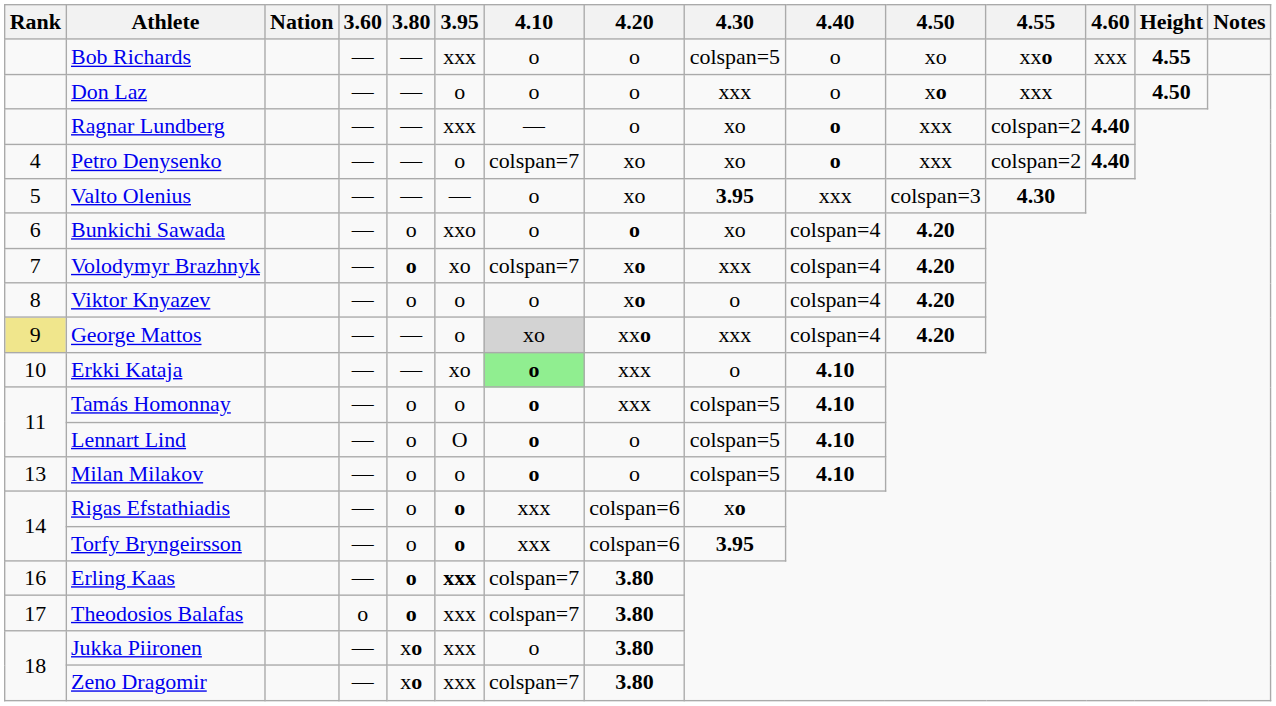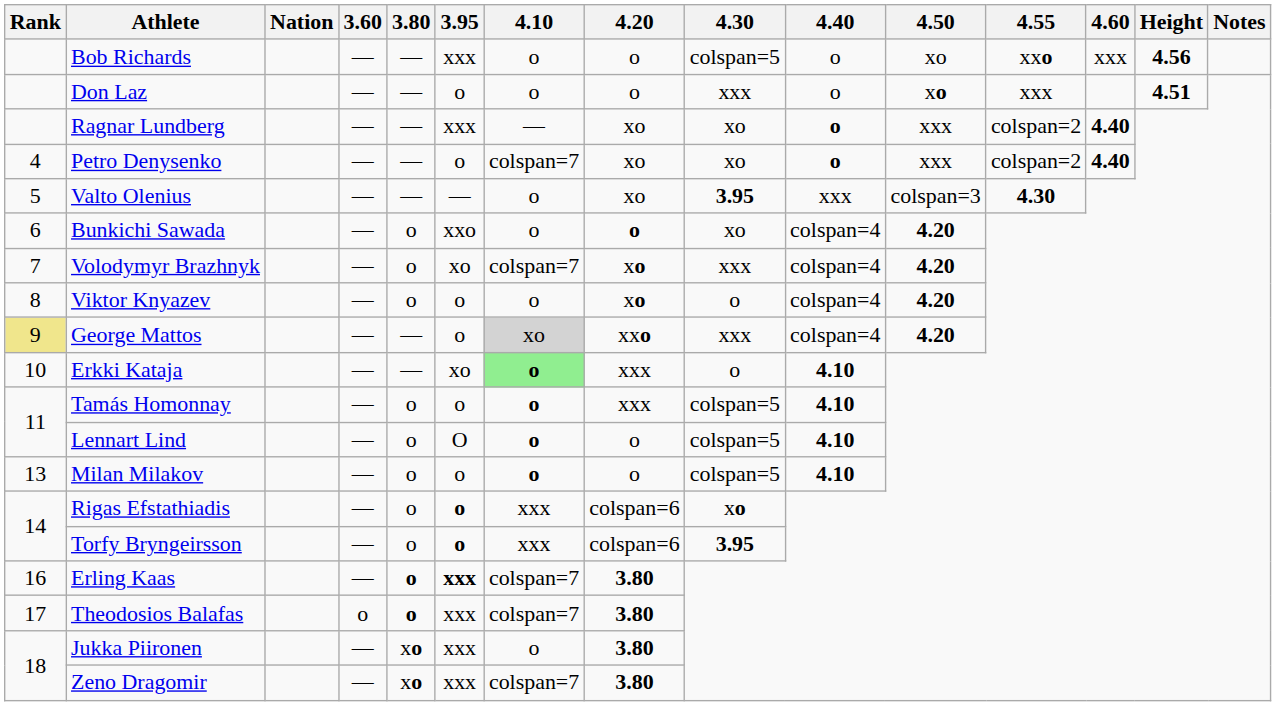 <table class="wikitable sortable" style="text-align:center">
 <tr>
 <th>Rank</th>
 <th>Athlete</th>
 <th>Nation</th>
 <th>3.60</th>
 <th>3.80</th>
 <th>3.95</th>
 <th>4.10</th>
 <th>4.20</th>
 <th>4.30</th>
 <th>4.40</th>
 <th>4.50</th>
 <th>4.55</th>
 <th>4.60</th>
 <th>Height</th>
 <th>Notes</th>
 </tr>
 <tr>
 <td></td>
 <td align="left"><a href='#'>Bob Richards</a></td>
 <td align="left"></td>
 <td>—</td>
 <td>—</td>
 <td>xxx</td>
 <td>o</td>
 <td>o</td>
 <td>colspan=5 </td>
 <td>o</td>
 <td>xo</td>
 <td>xx<strong>o</strong></td>
 <td>xxx</td>
-<td><strong>4.55</strong></td>
+<td><strong>4.56</strong></td>
 <td></td>
 </tr>
 <tr>
 <td></td>
 <td align="left"><a href='#'>Don Laz</a></td>
 <td align="left"></td>
 <td>—</td>
 <td>—</td>
 <td>o</td>
 <td>o</td>
 <td>o</td>
 <td>xxx</td>
 <td>o</td>
 <td>x<strong>o</strong></td>
 <td>xxx</td>
 <td></td>
-<td><strong>4.50</strong></td>
+<td><strong>4.51</strong></td>
 </tr>
 <tr>
 <td></td>
 <td align="left"><a href='#'>Ragnar Lundberg</a></td>
 <td align="left"></td>
 <td>—</td>
 <td>—</td>
 <td>xxx</td>
 <td>—</td>
-<td>o</td>
+<td>xo</td>
 <td>xo</td>
 <td><strong>o</strong></td>
 <td>xxx</td>
 <td>colspan=2 </td>
 <td><strong>4.40</strong></td>
 </tr>
 <tr>
 <td>4</td>
 <td align="left"><a href='#'>Petro Denysenko</a></td>
 <td align="left"></td>
 <td>—</td>
 <td>—</td>
 <td>o</td>
 <td>colspan=7 </td>
 <td>xo</td>
 <td>xo</td>
 <td><strong>o</strong></td>
 <td>xxx</td>
 <td>colspan=2 </td>
 <td><strong>4.40</strong></td>
 </tr>
 <tr>
 <td>5</td>
 <td align="left"><a href='#'>Valto Olenius</a></td>
 <td align="left"></td>
 <td>—</td>
 <td>—</td>
 <td>—</td>
 <td>o</td>
 <td>xo</td>
 <td><strong>3.95</strong></td>
 <td>xxx</td>
 <td>colspan=3 </td>
 <td><strong>4.30</strong></td>
 </tr>
 <tr>
 <td>6</td>
 <td align="left"><a href='#'>Bunkichi Sawada</a></td>
 <td align="left"></td>
 <td>—</td>
 <td>o</td>
 <td>xxo</td>
 <td>o</td>
 <td><strong>o</strong></td>
 <td>xo</td>
 <td>colspan=4 </td>
 <td><strong>4.20</strong></td>
 </tr>
 <tr>
 <td>7</td>
 <td align="left"><a href='#'>Volodymyr Brazhnyk</a></td>
 <td align="left"></td>
 <td>—</td>
-<td><strong>o</strong></td>
+<td>o</td>
 <td>xo</td>
 <td>colspan=7 </td>
 <td>x<strong>o</strong></td>
 <td>xxx</td>
 <td>colspan=4 </td>
 <td><strong>4.20</strong></td>
 </tr>
 <tr>
 <td>8</td>
 <td align="left"><a href='#'>Viktor Knyazev</a></td>
 <td align="left"></td>
 <td>—</td>
 <td>o</td>
 <td>o</td>
 <td>o</td>
 <td>x<strong>o</strong></td>
 <td>o</td>
 <td>colspan=4 </td>
 <td><strong>4.20</strong></td>
 </tr>
 <tr>
 <td style="background: khaki;">9</td>
 <td align="left"><a href='#'>George Mattos</a></td>
 <td align="left"></td>
 <td>—</td>
 <td>—</td>
 <td>o</td>
 <td style="background: lightgrey;">xo</td>
 <td>xx<strong>o</strong></td>
 <td>xxx</td>
 <td>colspan=4 </td>
 <td><strong>4.20</strong></td>
 </tr>
 <tr>
 <td>10</td>
 <td align="left"><a href='#'>Erkki Kataja</a></td>
 <td align="left"></td>
 <td>—</td>
 <td>—</td>
 <td>xo</td>
 <td style="background: lightgreen;"><strong>o</strong></td>
 <td>xxx</td>
 <td>o</td>
 <td><strong>4.10</strong></td>
 </tr>
 <tr>
 <td rowspan=2>11</td>
 <td align="left"><a href='#'>Tamás Homonnay</a></td>
 <td align="left"></td>
 <td>—</td>
 <td>o</td>
 <td>o</td>
 <td><strong>o</strong></td>
 <td>xxx</td>
 <td>colspan=5 </td>
 <td><strong>4.10</strong></td>
 </tr>
 <tr>
 <td align="left"><a href='#'>Lennart Lind</a></td>
 <td align="left"></td>
 <td>—</td>
 <td>o</td>
 <td>O</td>
 <td><strong>o</strong></td>
 <td>o</td>
 <td>colspan=5 </td>
 <td><strong>4.10</strong></td>
 </tr>
 <tr>
 <td>13</td>
 <td align="left"><a href='#'>Milan Milakov</a></td>
 <td align="left"></td>
 <td>—</td>
 <td>o</td>
 <td>o</td>
 <td><strong>o</strong></td>
 <td>o</td>
 <td>colspan=5 </td>
 <td><strong>4.10</strong></td>
 </tr>
 <tr>
 <td rowspan=2>14</td>
 <td align="left"><a href='#'>Rigas Efstathiadis</a></td>
 <td align="left"></td>
 <td>—</td>
 <td>o</td>
 <td><strong>o</strong></td>
 <td>xxx</td>
 <td>colspan=6 </td>
 <td>x<strong>o</strong></td>
 </tr>
 <tr>
 <td align="left"><a href='#'>Torfy Bryngeirsson</a></td>
 <td align="left"></td>
 <td>—</td>
 <td>o</td>
 <td><strong>o</strong></td>
 <td>xxx</td>
 <td>colspan=6 </td>
 <td><strong>3.95</strong></td>
 </tr>
 <tr>
 <td>16</td>
 <td align="left"><a href='#'>Erling Kaas</a></td>
 <td align="left"></td>
 <td>—</td>
 <td><strong>o</strong></td>
 <td><strong>xxx</strong></td>
 <td>colspan=7 </td>
 <td><strong>3.80</strong></td>
 </tr>
 <tr>
 <td>17</td>
 <td align="left"><a href='#'>Theodosios Balafas</a></td>
 <td align="left"></td>
 <td>o</td>
 <td><strong>o</strong></td>
 <td>xxx</td>
 <td>colspan=7 </td>
 <td><strong>3.80</strong></td>
 </tr>
 <tr>
 <td rowspan=2>18</td>
 <td align="left"><a href='#'>Jukka Piironen</a></td>
 <td align="left"></td>
 <td>—</td>
 <td>x<strong>o</strong></td>
 <td>xxx</td>
 <td>o</td>
 <td><strong>3.80</strong></td>
 </tr>
 <tr>
 <td align="left"><a href='#'>Zeno Dragomir</a></td>
 <td align="left"></td>
 <td>—</td>
 <td>x<strong>o</strong></td>
 <td>xxx</td>
 <td>colspan=7 </td>
 <td><strong>3.80</strong></td>
 </tr>
 </table>
